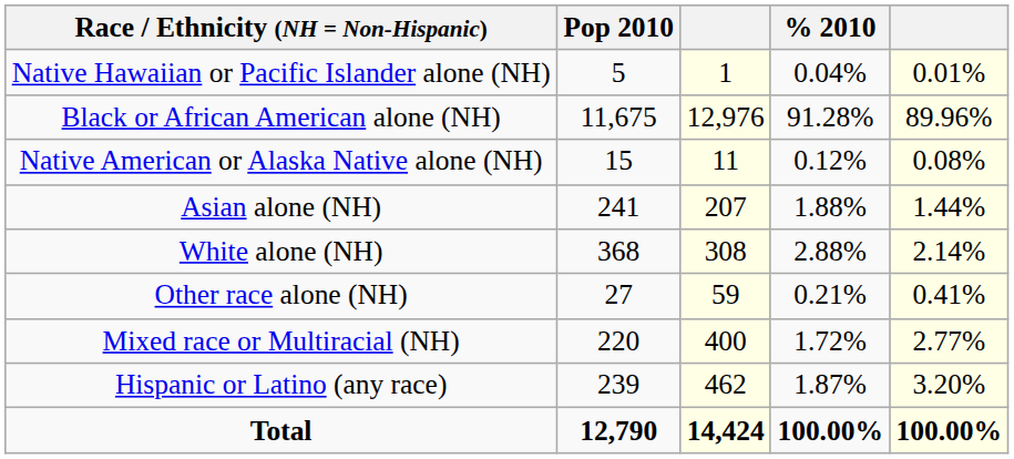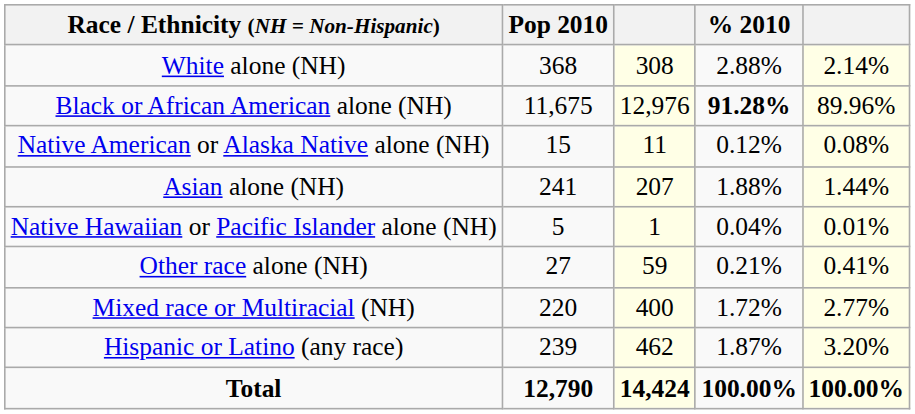 <table class="wikitable" style="text-align:center;">
 <tr>
 <th>Race / Ethnicity <small>(<em>NH = Non-Hispanic</em>)</small></th>
 <th>Pop 2010</th>
 <th></th>
 <th>% 2010</th>
 <th></th>
 </tr>
 <tr>
-<td><a href='#'>Native Hawaiian</a> or <a href='#'>Pacific Islander</a> alone (NH)</td>
-<td>5</td>
-<td style='background: #ffffe6;'>1</td>
-<td>0.04%</td>
-<td style='background: #ffffe6;'>0.01%</td>
+<td><a href='#'>White</a> alone (NH)</td>
+<td>368</td>
+<td style='background: #ffffe6;'>308</td>
+<td>2.88%</td>
+<td style='background: #ffffe6;'>2.14%</td>
 </tr>
 <tr>
 <td><a href='#'>Black or African American</a> alone (NH)</td>
 <td>11,675</td>
 <td style='background: #ffffe6;'>12,976</td>
-<td>91.28%</td>
+<td><strong>91.28%</strong></td>
 <td style='background: #ffffe6;'>89.96%</td>
 </tr>
 <tr>
 <td><a href='#'>Native American</a> or <a href='#'>Alaska Native</a> alone (NH)</td>
 <td>15</td>
 <td style='background: #ffffe6;'>11</td>
 <td>0.12%</td>
 <td style='background: #ffffe6;'>0.08%</td>
 </tr>
 <tr>
 <td><a href='#'>Asian</a> alone (NH)</td>
 <td>241</td>
 <td style='background: #ffffe6;'>207</td>
 <td>1.88%</td>
 <td style='background: #ffffe6;'>1.44%</td>
 </tr>
 <tr>
-<td><a href='#'>White</a> alone (NH)</td>
-<td>368</td>
-<td style='background: #ffffe6;'>308</td>
-<td>2.88%</td>
-<td style='background: #ffffe6;'>2.14%</td>
+<td><a href='#'>Native Hawaiian</a> or <a href='#'>Pacific Islander</a> alone (NH)</td>
+<td>5</td>
+<td style='background: #ffffe6;'>1</td>
+<td>0.04%</td>
+<td style='background: #ffffe6;'>0.01%</td>
 </tr>
 <tr>
 <td><a href='#'>Other race</a> alone (NH)</td>
 <td>27</td>
 <td style='background: #ffffe6;'>59</td>
 <td>0.21%</td>
 <td style='background: #ffffe6;'>0.41%</td>
 </tr>
 <tr>
 <td><a href='#'>Mixed race or Multiracial</a> (NH)</td>
 <td>220</td>
 <td style='background: #ffffe6;'>400</td>
 <td>1.72%</td>
 <td style='background: #ffffe6;'>2.77%</td>
 </tr>
 <tr>
 <td><a href='#'>Hispanic or Latino</a> (any race)</td>
 <td>239</td>
 <td style='background: #ffffe6;'>462</td>
 <td>1.87%</td>
 <td style='background: #ffffe6;'>3.20%</td>
 </tr>
 <tr>
 <td><strong>Total</strong></td>
 <td><strong>12,790</strong></td>
 <td style='background: #ffffe6;'><strong>14,424</strong></td>
 <td><strong>100.00%</strong></td>
 <td style='background: #ffffe6;'><strong>100.00%</strong></td>
 </tr>
 </table>
